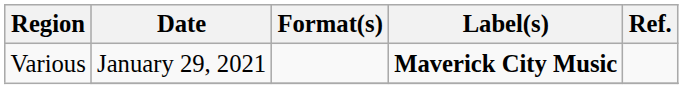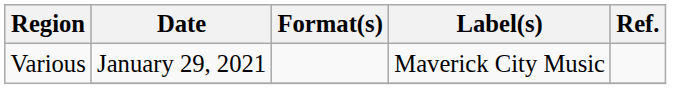 <table class="wikitable plainrowheaders">
 <tr>
 <th scope="col">Region</th>
 <th scope="col">Date</th>
 <th scope="col">Format(s)</th>
 <th scope="col">Label(s)</th>
 <th scope="col">Ref.</th>
 </tr>
 <tr>
 <td rowspan="3">Various</td>
 <td>January 29, 2021</td>
 <td></td>
-<td><strong>Maverick City Music</strong></td>
+<td>Maverick City Music</td>
 <td></td>
 </tr>
 <tr>
 </tr>
 </table>
